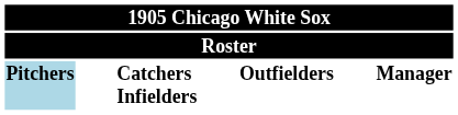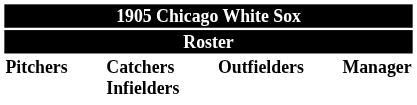 <table class="toccolours" style="font-size: 95%;">
 <tr>
 <th colspan="10" style="background-color: black; color: white; text-align: center;">1905 Chicago White Sox</th>
 </tr>
 <tr>
 <td colspan="10" style="background-color: black; color: white; text-align: center;"><strong>Roster</strong></td>
 </tr>
 <tr>
-<td valign="top" style="background: lightblue;"><strong>Pitchers</strong><br>     </td>
+<td valign="top"><strong>Pitchers</strong><br>     </td>
 <td width="25px"></td>
 <td valign="top"><strong>Catchers</strong><br>   <strong>Infielders</strong>      </td>
 <td width="25px"></td>
 <td valign="top"><strong>Outfielders</strong><br>   </td>
 <td width="25px"></td>
 <td valign="top"><strong>Manager</strong><br></td>
 </tr>
 </table>
